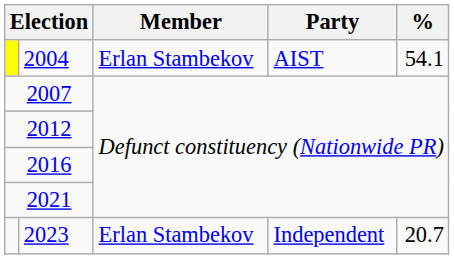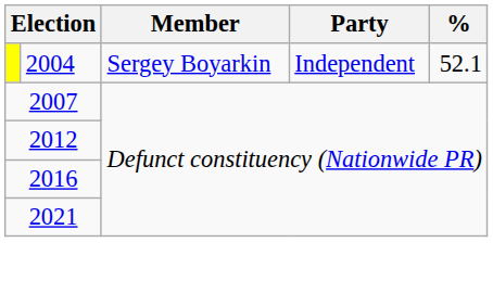 <table class="wikitable">
 <tr>
 <th colspan="2">Election</th>
 <th>Member</th>
 <th>Party</th>
 <th>%</th>
 </tr>
 <tr>
 <td style="background-color:#FFFF03"></td>
 <td><a href='#'>2004</a></td>
-<td><a href='#'>Erlan Stambekov</a></td>
-<td><a href='#'>AIST</a></td>
-<td align="right">54.1</td>
+<td><a href='#'>Sergey Boyarkin</a></td>
+<td><a href='#'>Independent</a></td>
+<td align="right">52.1</td>
 </tr>
 <tr>
 <td colspan="2" align="center"><a href='#'>2007</a></td>
 <td colspan="3" rowspan="4"><em>Defunct constituency (<a href='#'>Nationwide PR</a>)</em></td>
 </tr>
 <tr>
 <td colspan="2" align="center"><a href='#'>2012</a></td>
 </tr>
 <tr>
 <td colspan="2" align="center"><a href='#'>2016</a></td>
 </tr>
 <tr>
 <td colspan="2" align="center"><a href='#'>2021</a></td>
 </tr>
-<tr>
-<td style="background-color: "></td>
-<td><a href='#'>2023</a></td>
-<td><a href='#'>Erlan Stambekov</a></td>
-<td><a href='#'>Independent</a></td>
-<td align="right">20.7</td>
-</tr>
 </table>
